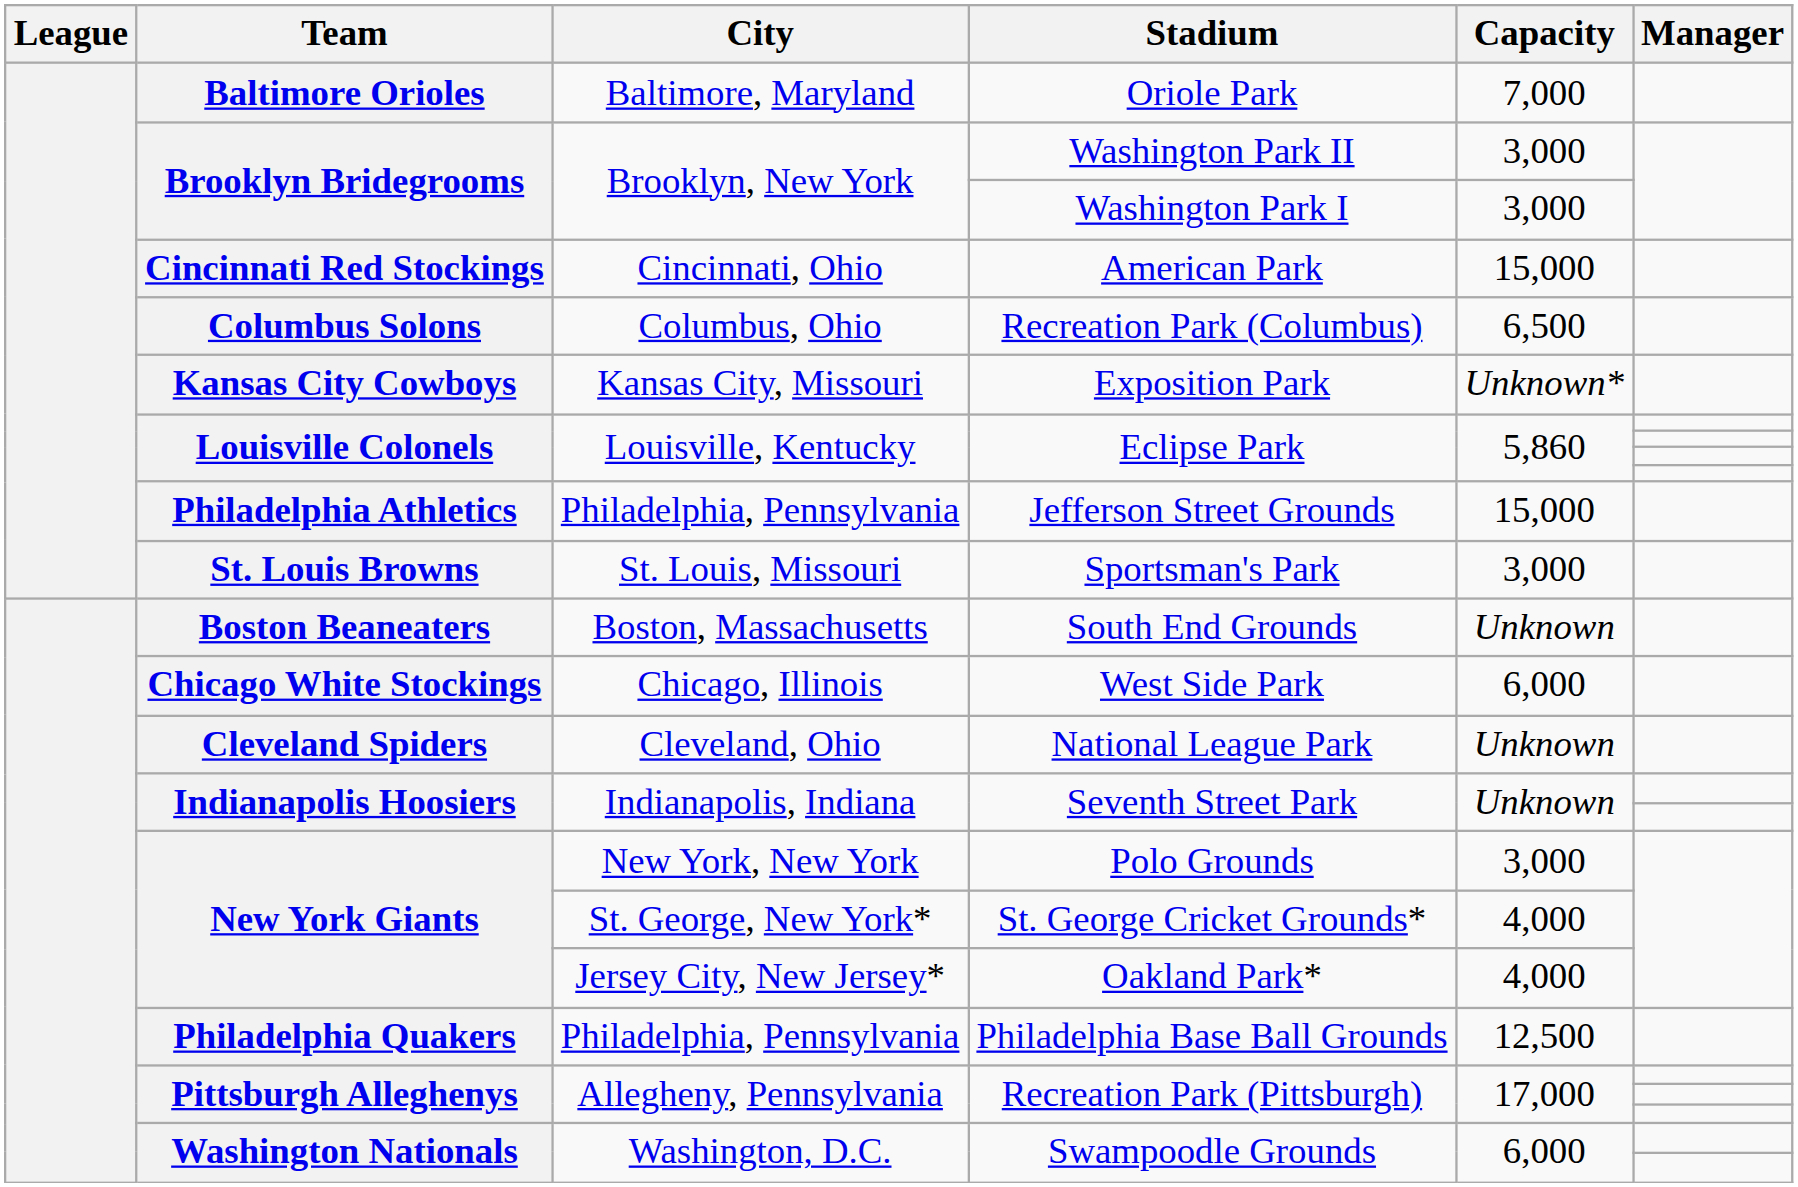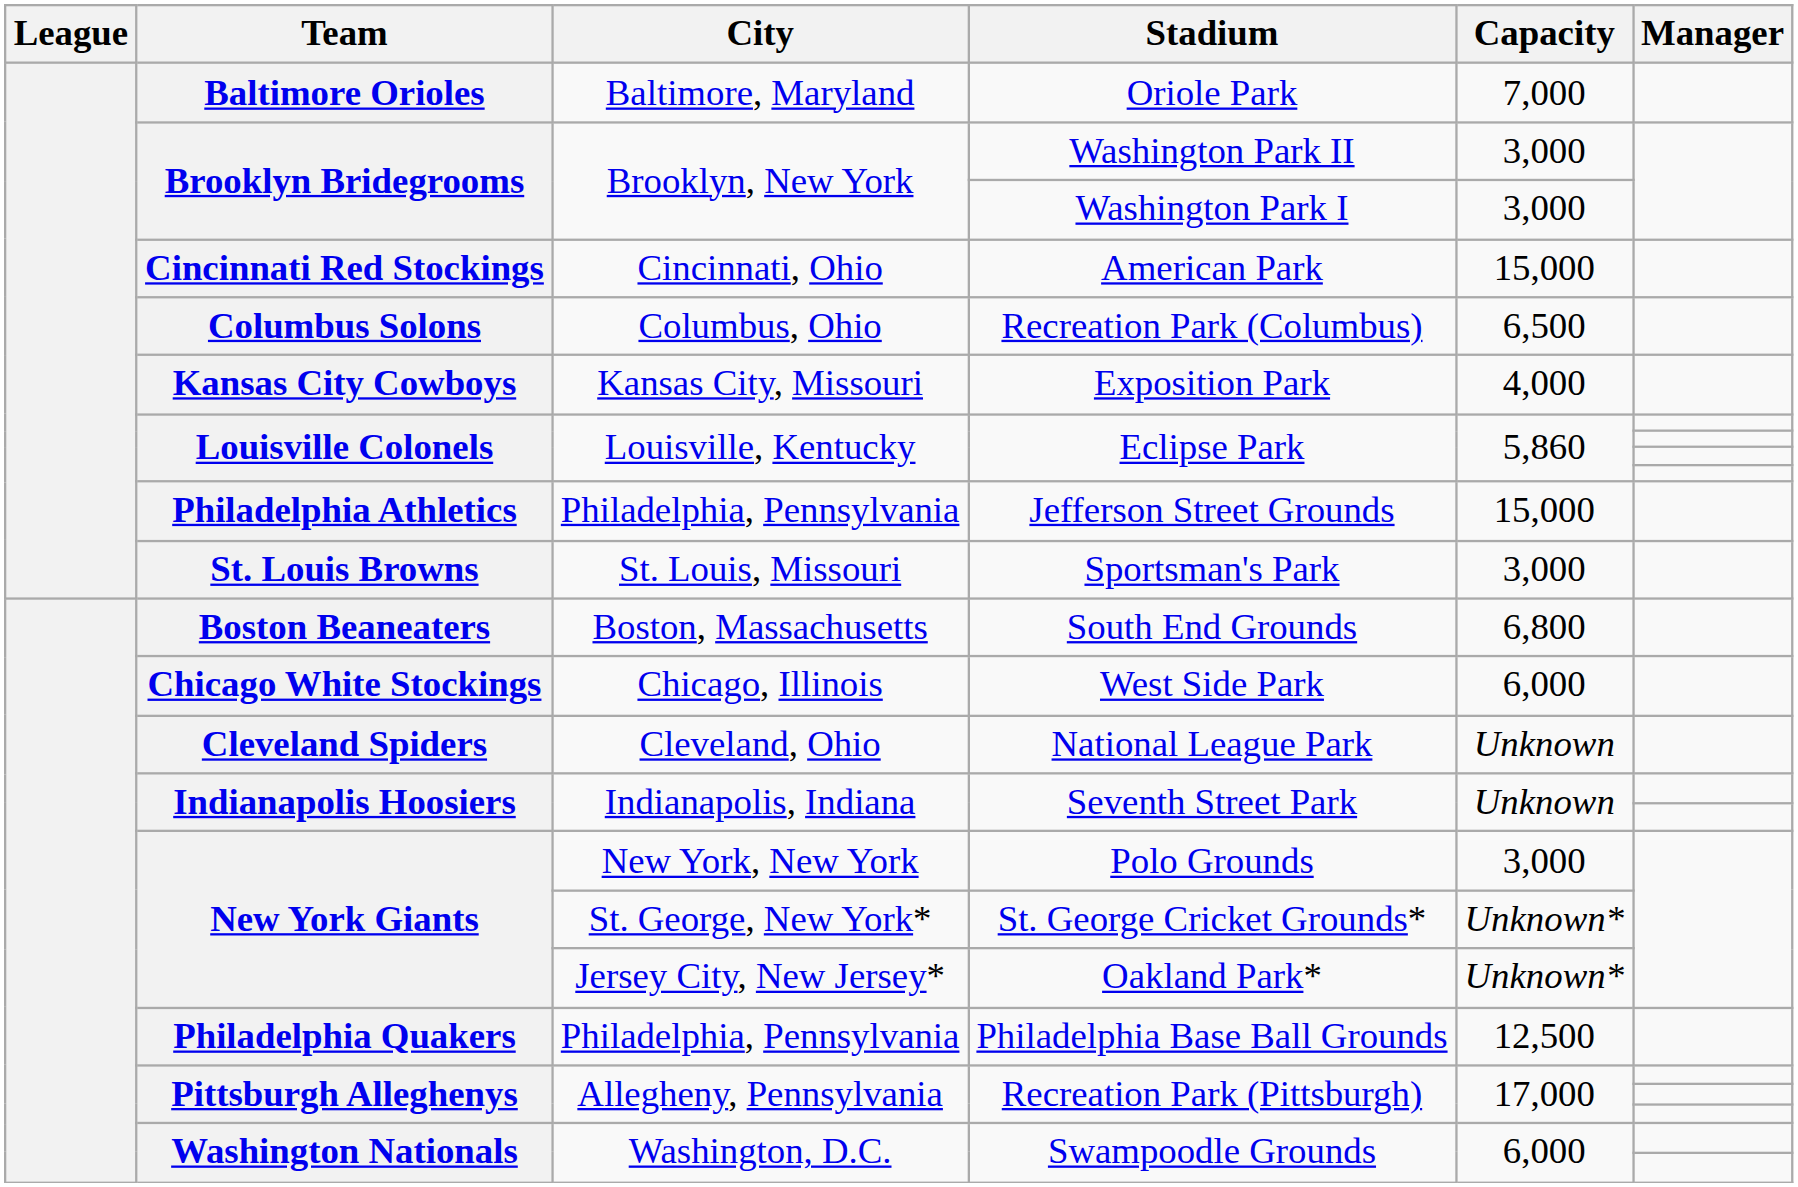 <table class="wikitable sortable plainrowheaders" style="text-align:center;">
 <tr>
 <th scope="col">League</th>
 <th scope="col">Team</th>
 <th scope="col">City</th>
 <th scope="col">Stadium</th>
 <th scope="col">Capacity</th>
 <th scope="col">Manager</th>
 </tr>
 <tr>
 <th rowspan="12"></th>
 <th scope="row"><a href='#'>Baltimore Orioles</a></th>
 <td><a href='#'>Baltimore</a>, <a href='#'>Maryland</a></td>
 <td><a href='#'>Oriole Park</a></td>
 <td>7,000</td>
 <td></td>
 </tr>
 <tr>
 <th rowspan="2" scope="row"><a href='#'>Brooklyn Bridegrooms</a></th>
 <td rowspan="2"><a href='#'>Brooklyn</a>, <a href='#'>New York</a></td>
 <td><a href='#'>Washington Park II</a></td>
 <td>3,000</td>
 <td rowspan="2"></td>
 </tr>
 <tr>
 <td><a href='#'>Washington Park I</a></td>
 <td>3,000</td>
 </tr>
 <tr>
 <th scope="row"><a href='#'>Cincinnati Red Stockings</a></th>
 <td><a href='#'>Cincinnati</a>, <a href='#'>Ohio</a></td>
 <td><a href='#'>American Park</a></td>
 <td>15,000</td>
 <td></td>
 </tr>
 <tr>
 <th scope="row"><a href='#'>Columbus Solons</a></th>
 <td><a href='#'>Columbus</a>, <a href='#'>Ohio</a></td>
 <td><a href='#'>Recreation Park (Columbus)</a></td>
 <td>6,500</td>
 <td></td>
 </tr>
 <tr>
 <th scope="row"><a href='#'>Kansas City Cowboys</a></th>
 <td><a href='#'>Kansas City</a>, <a href='#'>Missouri</a></td>
 <td><a href='#'>Exposition Park</a></td>
-<td><em>Unknown*</em></td>
+<td>4,000</td>
 <td></td>
 </tr>
 <tr>
 <th rowspan="4" scope="row"><a href='#'>Louisville Colonels</a></th>
 <td rowspan="4"><a href='#'>Louisville</a>, <a href='#'>Kentucky</a></td>
 <td rowspan="4"><a href='#'>Eclipse Park</a></td>
 <td rowspan="4">5,860</td>
 <td></td>
 </tr>
 <tr>
 <td></td>
 </tr>
 <tr>
 <td></td>
 </tr>
 <tr>
 <td></td>
 </tr>
 <tr>
 <th scope="row"><a href='#'>Philadelphia Athletics</a></th>
 <td><a href='#'>Philadelphia</a>, <a href='#'>Pennsylvania</a></td>
 <td><a href='#'>Jefferson Street Grounds</a></td>
 <td>15,000</td>
 <td></td>
 </tr>
 <tr>
 <th scope="row"><a href='#'>St. Louis Browns</a></th>
 <td><a href='#'>St. Louis</a>, <a href='#'>Missouri</a></td>
 <td><a href='#'>Sportsman's Park</a></td>
 <td>3,000</td>
 <td></td>
 </tr>
 <tr>
 <th rowspan="14"></th>
 <th scope="row"><a href='#'>Boston Beaneaters</a></th>
 <td><a href='#'>Boston</a>, <a href='#'>Massachusetts</a></td>
 <td><a href='#'>South End Grounds</a></td>
-<td><em>Unknown</em></td>
+<td>6,800</td>
 <td></td>
 </tr>
 <tr>
 <th scope="row"><a href='#'>Chicago White Stockings</a></th>
 <td><a href='#'>Chicago</a>, <a href='#'>Illinois</a></td>
 <td><a href='#'>West Side Park</a></td>
 <td>6,000</td>
 <td></td>
 </tr>
 <tr>
 <th scope="row"><a href='#'>Cleveland Spiders</a></th>
 <td><a href='#'>Cleveland</a>, <a href='#'>Ohio</a></td>
 <td><a href='#'>National League Park</a></td>
 <td><em>Unknown</em></td>
 <td></td>
 </tr>
 <tr>
 <th rowspan="2" scope="row"><a href='#'>Indianapolis Hoosiers</a></th>
 <td rowspan="2"><a href='#'>Indianapolis</a>, <a href='#'>Indiana</a></td>
 <td rowspan="2"><a href='#'>Seventh Street Park</a></td>
 <td rowspan="2"><em>Unknown</em></td>
 <td></td>
 </tr>
 <tr>
 <td></td>
 </tr>
 <tr>
 <th rowspan="3" scope="row"><a href='#'>New York Giants</a></th>
 <td><a href='#'>New York</a>, <a href='#'>New York</a></td>
 <td><a href='#'>Polo Grounds</a></td>
 <td>3,000</td>
 <td rowspan="3"></td>
 </tr>
 <tr>
 <td><a href='#'>St. George</a>, <a href='#'>New York</a>*</td>
 <td><a href='#'>St. George Cricket Grounds</a>*</td>
-<td>4,000</td>
+<td><em>Unknown*</em></td>
 </tr>
 <tr>
 <td><a href='#'>Jersey City</a>, <a href='#'>New Jersey</a>*</td>
 <td><a href='#'>Oakland Park</a>*</td>
-<td>4,000</td>
+<td><em>Unknown*</em></td>
 </tr>
 <tr>
 <th scope="row"><a href='#'>Philadelphia Quakers</a></th>
 <td><a href='#'>Philadelphia</a>, <a href='#'>Pennsylvania</a></td>
 <td><a href='#'>Philadelphia Base Ball Grounds</a></td>
 <td>12,500</td>
 <td></td>
 </tr>
 <tr>
 <th rowspan="3" scope="row"><a href='#'>Pittsburgh Alleghenys</a></th>
 <td rowspan="3"><a href='#'>Allegheny</a>, <a href='#'>Pennsylvania</a></td>
 <td rowspan="3"><a href='#'>Recreation Park (Pittsburgh)</a></td>
 <td rowspan="3">17,000</td>
 <td></td>
 </tr>
 <tr>
 <td></td>
 </tr>
 <tr>
 <td></td>
 </tr>
 <tr>
 <th rowspan="3" scope="row"><a href='#'>Washington Nationals</a></th>
 <td rowspan="3"><a href='#'>Washington, D.C.</a></td>
 <td rowspan="3"><a href='#'>Swampoodle Grounds</a></td>
 <td rowspan="3">6,000</td>
 <td></td>
 </tr>
 <tr>
 <td></td>
 </tr>
 </table>
